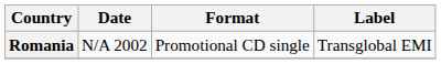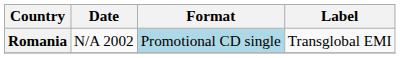 <table class="wikitable plainrowheaders unsortable">
 <tr>
 <th>Country</th>
 <th>Date</th>
 <th>Format</th>
 <th>Label</th>
 </tr>
 <tr>
 <th scope="row">Romania</th>
 <td rowspan="1">N/A 2002</td>
-<td rowspan="1">Promotional CD single</td>
+<td rowspan="1" style="background: lightblue;">Promotional CD single</td>
 <td rowspan="1">Transglobal EMI</td>
 </tr>
 <tr>
 </tr>
 </table>
